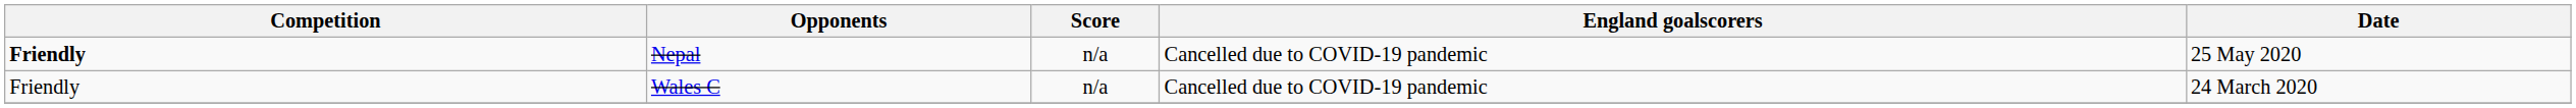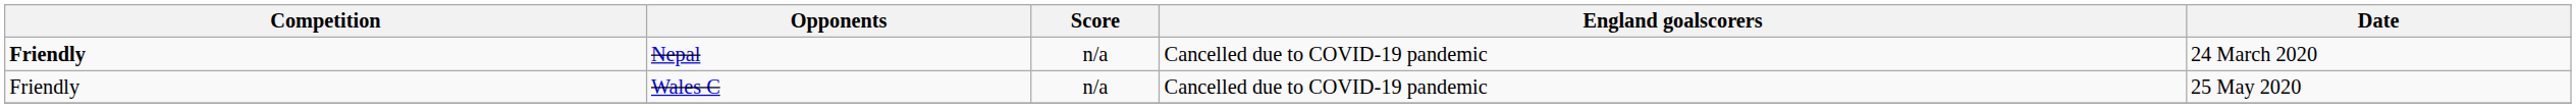 <table class="wikitable" style="width:100%;">
 <tr>
 <th width=25%>Competition</th>
 <th width=15%>Opponents</th>
 <th width=5%>Score</th>
 <th width=40%>England goalscorers</th>
 <th width=15%>Date</th>
 </tr>
 <tr>
 <td><strong>Friendly</strong></td>
 <td><s><a href='#'>Nepal</a></s></td>
 <td align=center>n/a</td>
 <td>Cancelled due to COVID-19 pandemic</td>
-<td>25 May 2020</td>
+<td>24 March 2020</td>
 </tr>
 <tr>
 <td>Friendly</td>
 <td><s><a href='#'>Wales C</a></s></td>
 <td align=center>n/a</td>
 <td>Cancelled due to COVID-19 pandemic</td>
-<td>24 March 2020</td>
+<td>25 May 2020</td>
 </tr>
 <tr>
 </tr>
 </table>
